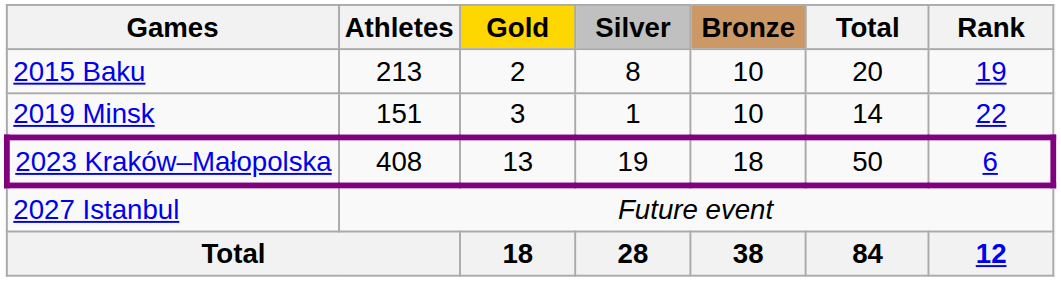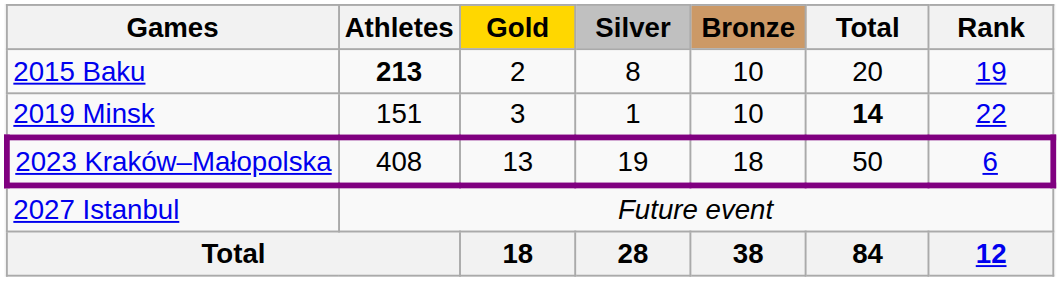 <table class="wikitable" style="text-align:center; font-size:90%;">
 <tr>
 <th>Games</th>
 <th>Athletes</th>
 <td style="background:gold; width:3.7em; font-weight:bold;">Gold</td>
 <td style="background:silver; width:3.7em; font-weight:bold;">Silver</td>
 <td style="background:#cc9966; width:3.7em; font-weight:bold;">Bronze</td>
 <th style="width:4em; font-weight:bold;">Total</th>
 <th style="width:4em; font-weight:bold;">Rank</th>
 </tr>
 <tr>
 <td align="left"> <a href='#'>2015 Baku</a></td>
-<td>213</td>
+<td><strong>213</strong></td>
 <td>2</td>
 <td>8</td>
 <td>10</td>
 <td>20</td>
 <td><a href='#'>19</a></td>
 </tr>
 <tr>
 <td align="left"> <a href='#'>2019 Minsk</a></td>
 <td>151</td>
 <td>3</td>
 <td>1</td>
 <td>10</td>
-<td>14</td>
+<td><strong>14</strong></td>
 <td><a href='#'>22</a></td>
 </tr>
 <tr style="border: 3px solid purple">
 <td align="left"> <a href='#'>2023 Kraków–Małopolska</a></td>
 <td>408</td>
 <td>13</td>
 <td>19</td>
 <td>18</td>
 <td>50</td>
 <td><a href='#'>6</a></td>
 </tr>
 <tr>
 <td align=left> <a href='#'>2027 Istanbul</a></td>
 <td colspan=6><em>Future event</em></td>
 </tr>
 <tr>
 <th colspan="2">Total</th>
 <th>18</th>
 <th>28</th>
 <th>38</th>
 <th>84</th>
 <th><a href='#'>12</a></th>
 </tr>
 </table>
